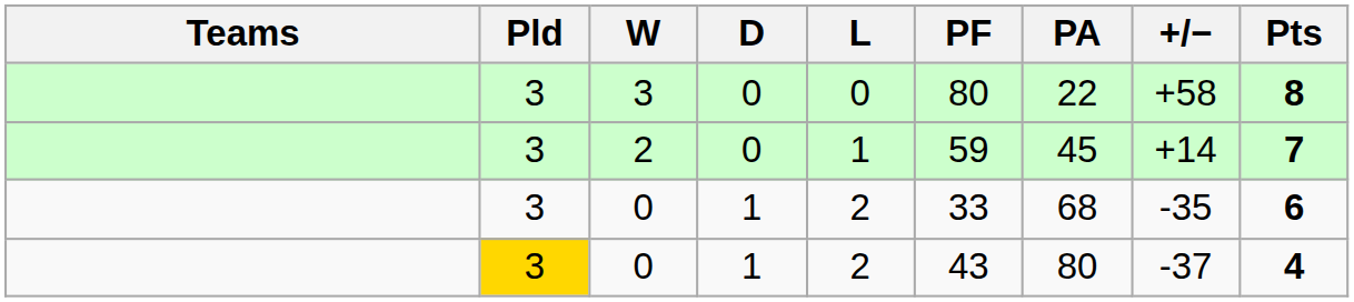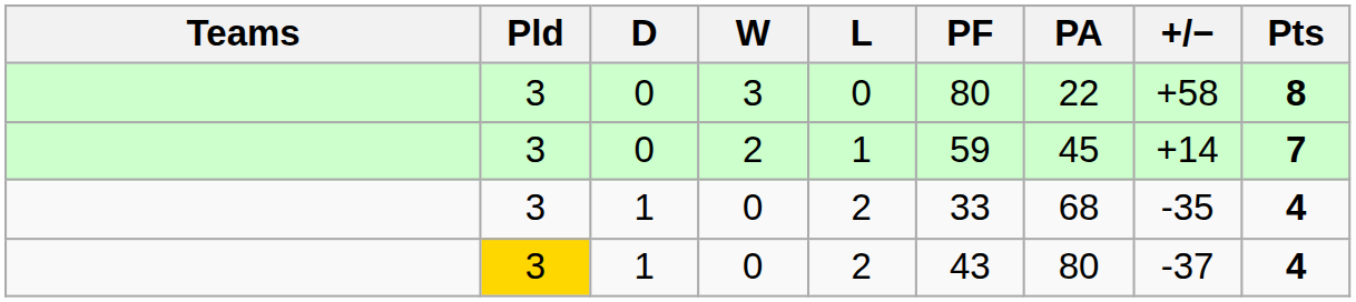 <table class="wikitable" style="text-align: center;">
 <tr>
 <th style="width:200px;">Teams</th>
 <th width="40">Pld</th>
+<th width="40">D</th>
 <th width="40">W</th>
-<th width="40">D</th>
 <th width="40">L</th>
 <th width="40">PF</th>
 <th width="40">PA</th>
 <th width="40">+/−</th>
 <th width="40">Pts</th>
 </tr>
 <tr bgcolor=ccffcc>
 <td align=left></td>
 <td>3</td>
+<td>0</td>
 <td>3</td>
-<td>0</td>
 <td>0</td>
 <td>80</td>
 <td>22</td>
 <td>+58</td>
 <td><strong>8</strong></td>
 </tr>
 <tr bgcolor=ccffcc>
 <td align=left></td>
 <td>3</td>
+<td>0</td>
 <td>2</td>
-<td>0</td>
 <td>1</td>
 <td>59</td>
 <td>45</td>
 <td>+14</td>
 <td><strong>7</strong></td>
 </tr>
 <tr>
 <td align=left></td>
 <td>3</td>
+<td>1</td>
 <td>0</td>
-<td>1</td>
 <td>2</td>
 <td>33</td>
 <td>68</td>
 <td>-35</td>
-<td><strong>6</strong></td>
+<td><strong>4</strong></td>
 </tr>
 <tr>
 <td align=left></td>
 <td style="background: gold;">3</td>
+<td>1</td>
 <td>0</td>
-<td>1</td>
 <td>2</td>
 <td>43</td>
 <td>80</td>
 <td>-37</td>
 <td><strong>4</strong></td>
 </tr>
 </table>
